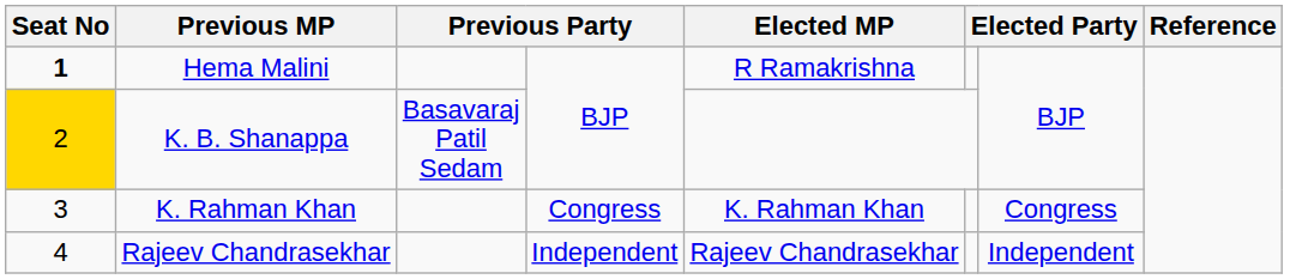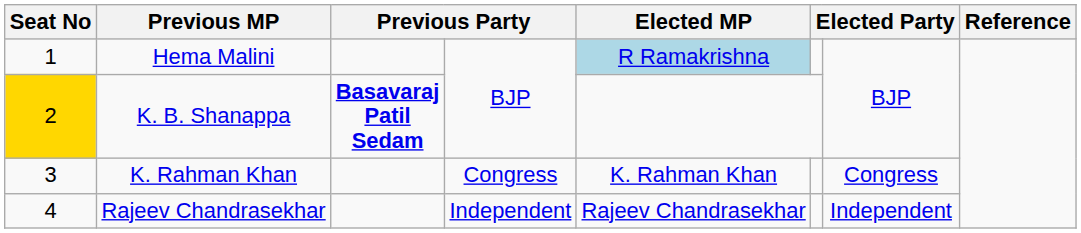 <table class="wikitable">
 <tr>
 <th>Seat No</th>
 <th>Previous MP</th>
 <th colspan=2>Previous Party</th>
 <th>Elected MP</th>
 <th colspan=2>Elected Party</th>
 <th>Reference</th>
 </tr>
 <tr style="text-align:center;">
-<td><strong>1</strong></td>
+<td>1</td>
 <td><a href='#'>Hema Malini</a></td>
 <td width="1px"></td>
 <td rowspan=2><a href='#'>BJP</a></td>
-<td><a href='#'>R Ramakrishna</a></td>
+<td style="background: lightblue;"><a href='#'>R Ramakrishna</a></td>
 <td width="1px"></td>
 <td rowspan=2><a href='#'>BJP</a></td>
 <td rowspan=4></td>
 </tr>
 <tr style="text-align:center;">
 <td style="background: gold;">2</td>
 <td><a href='#'>K. B. Shanappa</a></td>
-<td><a href='#'>Basavaraj Patil Sedam</a></td>
+<td><strong><a href='#'>Basavaraj Patil Sedam</a></strong></td>
 </tr>
 <tr style="text-align:center;">
 <td>3</td>
 <td><a href='#'>K. Rahman Khan</a></td>
 <td width="1px"></td>
 <td><a href='#'>Congress</a></td>
 <td><a href='#'>K. Rahman Khan</a></td>
 <td width="1px"></td>
 <td><a href='#'>Congress</a></td>
 </tr>
 <tr style="text-align:center;">
 <td>4</td>
 <td><a href='#'>Rajeev Chandrasekhar</a></td>
 <td width="1px"></td>
 <td><a href='#'>Independent</a></td>
 <td><a href='#'>Rajeev Chandrasekhar</a></td>
 <td width="1px"></td>
 <td><a href='#'>Independent</a></td>
 </tr>
 </table>
